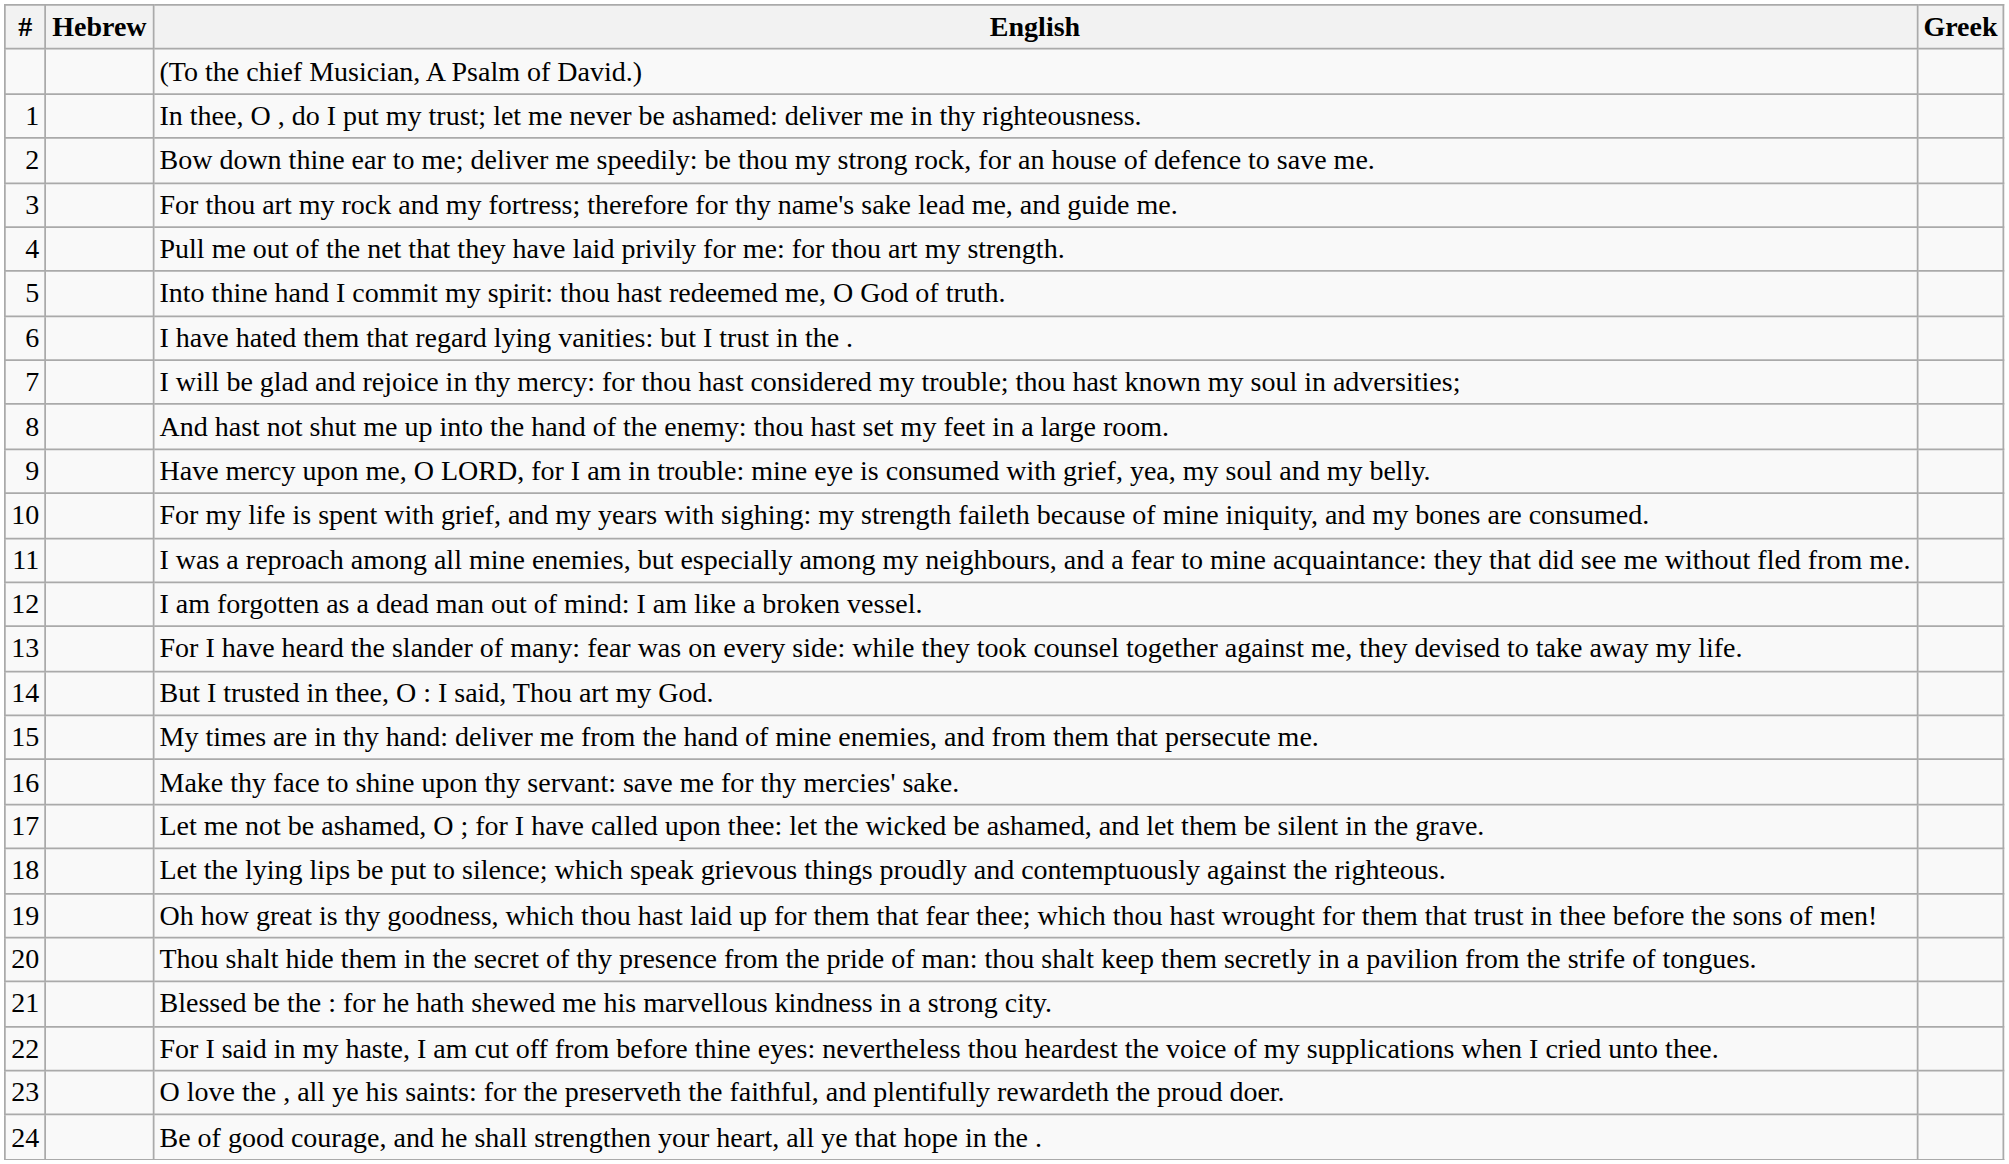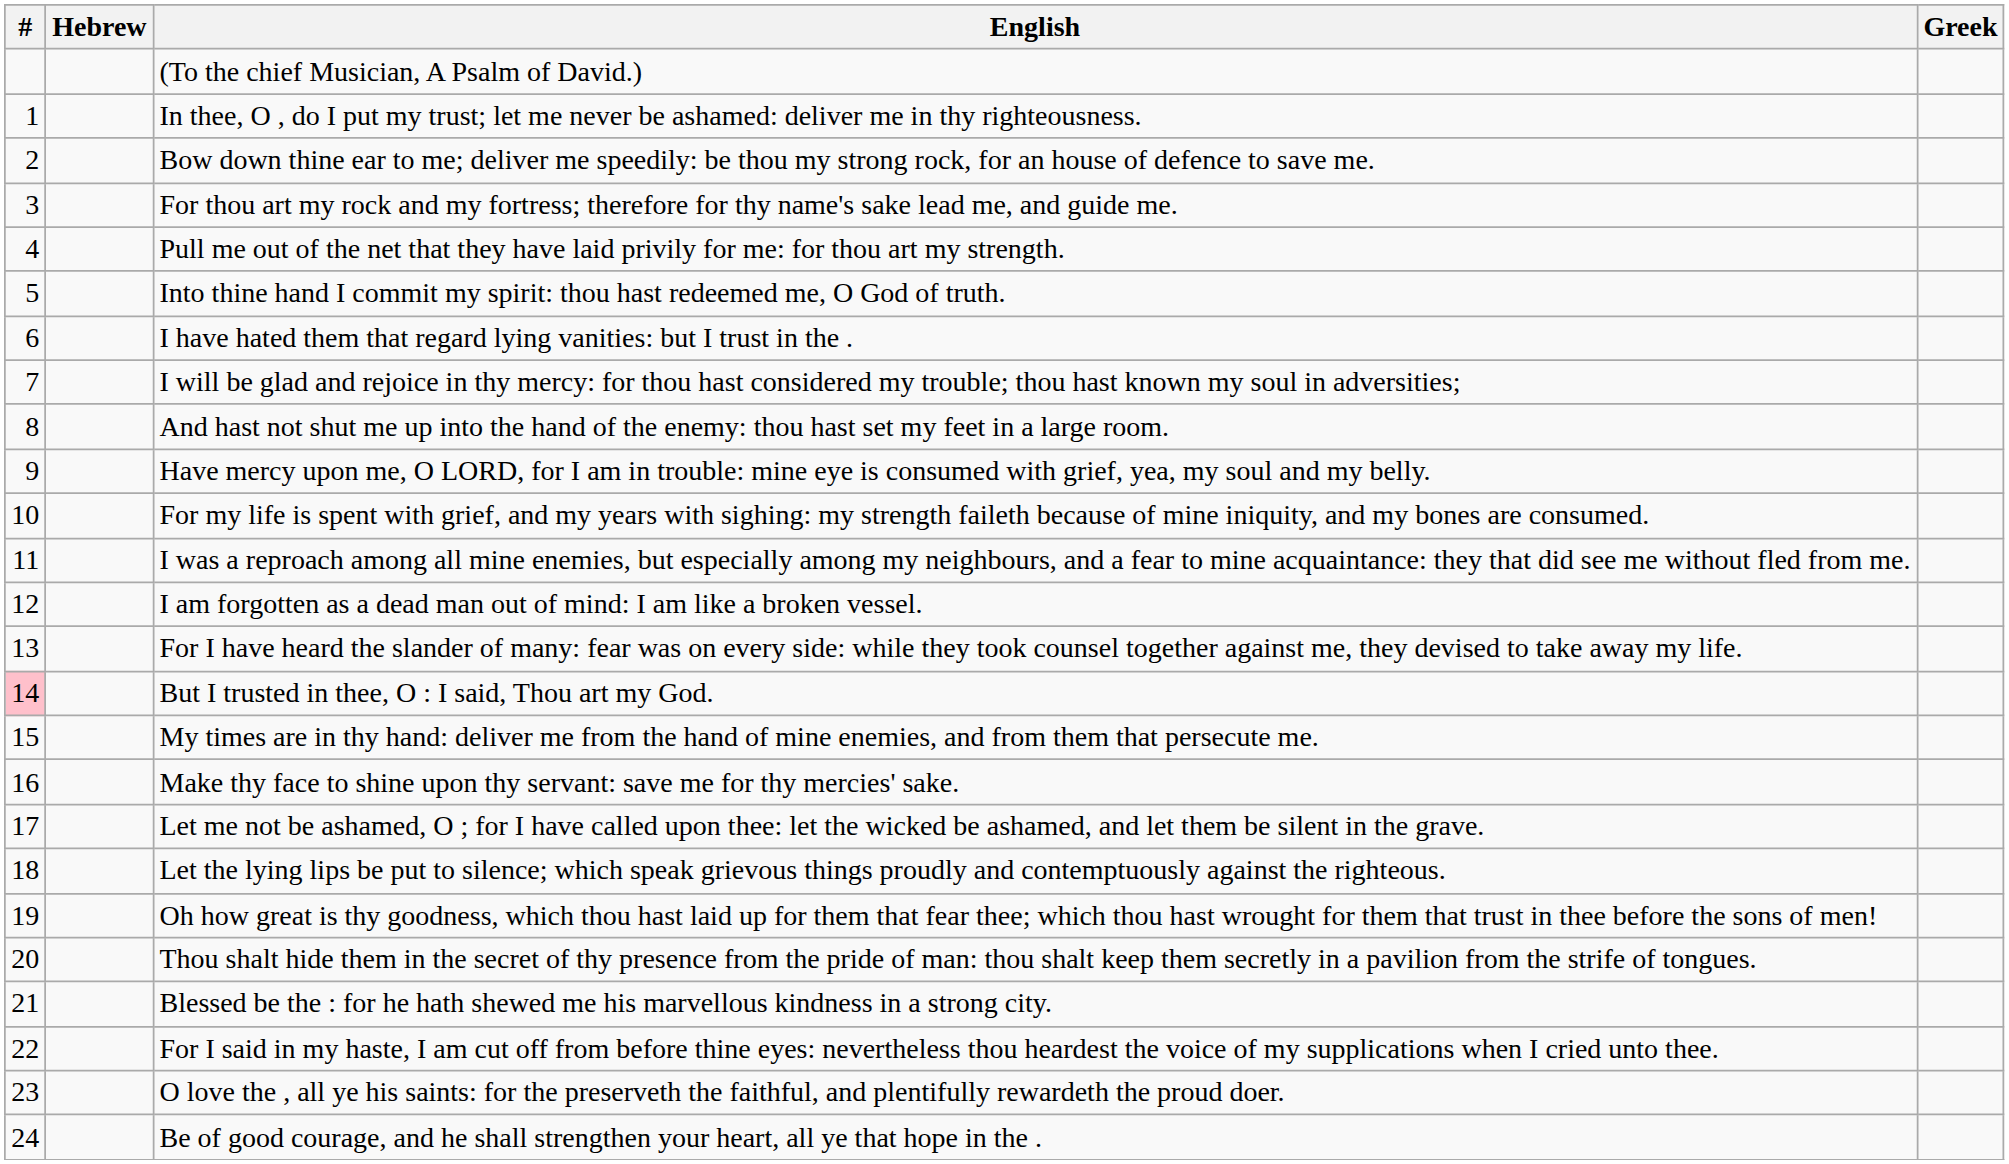 <table class=wikitable>
 <tr>
 <th>#</th>
 <th>Hebrew</th>
 <th>English</th>
 <th>Greek</th>
 </tr>
 <tr>
 <td style="text-align:right"></td>
 <td style="text-align:right"></td>
 <td>(To the chief Musician, A Psalm of David.)</td>
 <td></td>
 </tr>
 <tr>
 <td style="text-align:right">1</td>
 <td style="text-align:right"></td>
 <td>In thee, O , do I put my trust; let me never be ashamed: deliver me in thy righteousness.</td>
 <td></td>
 </tr>
 <tr>
 <td style="text-align:right">2</td>
 <td style="text-align:right"></td>
 <td>Bow down thine ear to me; deliver me speedily: be thou my strong rock, for an house of defence to save me.</td>
 <td></td>
 </tr>
 <tr>
 <td style="text-align:right">3</td>
 <td style="text-align:right"></td>
 <td>For thou art my rock and my fortress; therefore for thy name's sake lead me, and guide me.</td>
 <td></td>
 </tr>
 <tr>
 <td style="text-align:right">4</td>
 <td style="text-align:right"></td>
 <td>Pull me out of the net that they have laid privily for me: for thou art my strength.</td>
 <td></td>
 </tr>
 <tr>
 <td style="text-align:right">5</td>
 <td style="text-align:right"></td>
 <td>Into thine hand I commit my spirit: thou hast redeemed me, O  God of truth.</td>
 <td></td>
 </tr>
 <tr>
 <td style="text-align:right">6</td>
 <td style="text-align:right"></td>
 <td>I have hated them that regard lying vanities: but I trust in the .</td>
 <td></td>
 </tr>
 <tr>
 <td style="text-align:right">7</td>
 <td style="text-align:right"></td>
 <td>I will be glad and rejoice in thy mercy: for thou hast considered my trouble; thou hast known my soul in adversities;</td>
 <td></td>
 </tr>
 <tr>
 <td style="text-align:right">8</td>
 <td style="text-align:right"></td>
 <td>And hast not shut me up into the hand of the enemy: thou hast set my feet in a large room.</td>
 <td></td>
 </tr>
 <tr>
 <td style="text-align:right">9</td>
 <td style="text-align:right"></td>
 <td>Have mercy upon me, O LORD, for I am in trouble: mine eye is consumed with grief, yea, my soul and my belly.</td>
 <td></td>
 </tr>
 <tr>
 <td style="text-align:right">10</td>
 <td style="text-align:right"></td>
 <td>For my life is spent with grief, and my years with sighing: my strength faileth because of mine iniquity, and my bones are consumed.</td>
 <td></td>
 </tr>
 <tr>
 <td style="text-align:right">11</td>
 <td style="text-align:right"></td>
 <td>I was a reproach among all mine enemies, but especially among my neighbours, and a fear to mine acquaintance: they that did see me without fled from me.</td>
 <td></td>
 </tr>
 <tr>
 <td style="text-align:right">12</td>
 <td style="text-align:right"></td>
 <td>I am forgotten as a dead man out of mind: I am like a broken vessel.</td>
 <td></td>
 </tr>
 <tr>
 <td style="text-align:right">13</td>
 <td style="text-align:right"></td>
 <td>For I have heard the slander of many: fear was on every side: while they took counsel together against me, they devised to take away my life.</td>
 <td></td>
 </tr>
 <tr>
-<td style="text-align:right">14</td>
+<td style="background: pink; text-align:right">14</td>
 <td style="text-align:right"></td>
 <td>But I trusted in thee, O : I said, Thou art my God.</td>
 <td></td>
 </tr>
 <tr>
 <td style="text-align:right">15</td>
 <td style="text-align:right"></td>
 <td>My times are in thy hand: deliver me from the hand of mine enemies, and from them that persecute me.</td>
 <td></td>
 </tr>
 <tr>
 <td style="text-align:right">16</td>
 <td style="text-align:right"></td>
 <td>Make thy face to shine upon thy servant: save me for thy mercies' sake.</td>
 <td></td>
 </tr>
 <tr>
 <td style="text-align:right">17</td>
 <td style="text-align:right"></td>
 <td>Let me not be ashamed, O ; for I have called upon thee: let the wicked be ashamed, and let them be silent in the grave.</td>
 <td></td>
 </tr>
 <tr>
 <td style="text-align:right">18</td>
 <td style="text-align:right"></td>
 <td>Let the lying lips be put to silence; which speak grievous things proudly and contemptuously against the righteous.</td>
 <td></td>
 </tr>
 <tr>
 <td style="text-align:right">19</td>
 <td style="text-align:right"></td>
 <td>Oh how great is thy goodness, which thou hast laid up for them that fear thee; which thou hast wrought for them that trust in thee before the sons of men!</td>
 <td></td>
 </tr>
 <tr>
 <td style="text-align:right">20</td>
 <td style="text-align:right"></td>
 <td>Thou shalt hide them in the secret of thy presence from the pride of man: thou shalt keep them secretly in a pavilion from the strife of tongues.</td>
 <td></td>
 </tr>
 <tr>
 <td style="text-align:right">21</td>
 <td style="text-align:right"></td>
 <td>Blessed be the : for he hath shewed me his marvellous kindness in a strong city.</td>
 <td></td>
 </tr>
 <tr>
 <td style="text-align:right">22</td>
 <td style="text-align:right"></td>
 <td>For I said in my haste, I am cut off from before thine eyes: nevertheless thou heardest the voice of my supplications when I cried unto thee.</td>
 <td></td>
 </tr>
 <tr>
 <td style="text-align:right">23</td>
 <td style="text-align:right"></td>
 <td>O love the , all ye his saints: for the  preserveth the faithful, and plentifully rewardeth the proud doer.</td>
 <td></td>
 </tr>
 <tr>
 <td style="text-align:right">24</td>
 <td style="text-align:right"></td>
 <td>Be of good courage, and he shall strengthen your heart, all ye that hope in the .</td>
 <td></td>
 </tr>
 <tr>
 </tr>
 </table>
